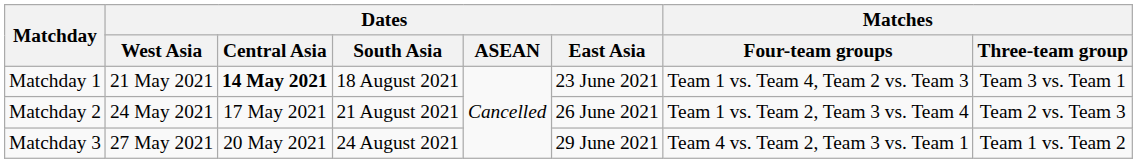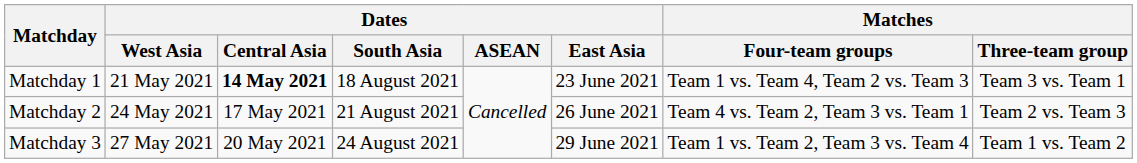 <table class="wikitable" style="text-align:center">
 <tr>
 <th rowspan=2>Matchday</th>
 <th colspan=5>Dates</th>
 <th colspan=2>Matches</th>
 </tr>
 <tr>
 <th>West Asia</th>
 <th>Central Asia</th>
 <th>South Asia</th>
 <th>ASEAN</th>
 <th>East Asia</th>
 <th>Four-team groups</th>
 <th>Three-team group</th>
 </tr>
 <tr>
 <td>Matchday 1</td>
 <td>21 May 2021</td>
 <td><strong>14 May 2021</strong></td>
 <td>18 August 2021</td>
 <td rowspan=3><em>Cancelled</em></td>
 <td>23 June 2021</td>
 <td>Team 1 vs. Team 4, Team 2 vs. Team 3</td>
 <td>Team 3 vs. Team 1</td>
 </tr>
 <tr>
 <td>Matchday 2</td>
 <td>24 May 2021</td>
 <td>17 May 2021</td>
 <td>21 August 2021</td>
 <td>26 June 2021</td>
-<td>Team 1 vs. Team 2, Team 3 vs. Team 4</td>
+<td>Team 4 vs. Team 2, Team 3 vs. Team 1</td>
 <td>Team 2 vs. Team 3</td>
 </tr>
 <tr>
 <td>Matchday 3</td>
 <td>27 May 2021</td>
 <td>20 May 2021</td>
 <td>24 August 2021</td>
 <td>29 June 2021</td>
-<td>Team 4 vs. Team 2, Team 3 vs. Team 1</td>
+<td>Team 1 vs. Team 2, Team 3 vs. Team 4</td>
 <td>Team 1 vs. Team 2</td>
 </tr>
 </table>
